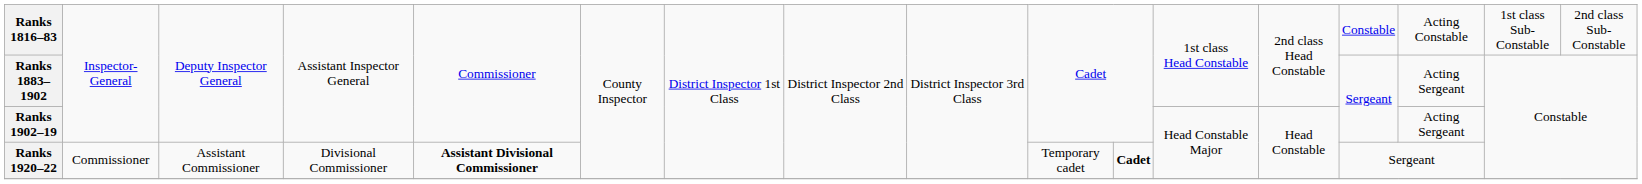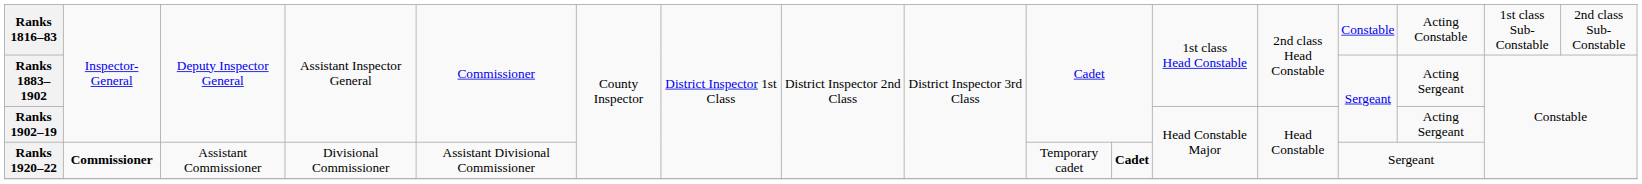 <table class="wikitable" style="text-align:center">
 <tr>
 <th rowspan=1><strong>Ranks</strong><br>1816–83</th>
 <td rowspan=3><a href='#'>Inspector-General</a></td>
 <td rowspan=3><a href='#'>Deputy Inspector General</a></td>
 <td rowspan=3>Assistant Inspector General</td>
 <td rowspan=3><a href='#'>Commissioner</a></td>
 <td rowspan=4>County Inspector</td>
 <td rowspan=4><a href='#'>District Inspector</a> 1st Class</td>
 <td rowspan=4>District Inspector 2nd Class</td>
 <td rowspan=4>District Inspector 3rd Class</td>
 <td rowspan=3 colspan=2><a href='#'>Cadet</a></td>
 <td rowspan=2>1st class<br><a href='#'>Head Constable</a></td>
 <td rowspan=2>2nd class<br>Head Constable</td>
 <td><a href='#'>Constable</a></td>
 <td>Acting Constable</td>
 <td>1st class<br>Sub-Constable</td>
 <td>2nd class<br>Sub-Constable</td>
 </tr>
 <tr>
 <th rowspan=1><strong>Ranks</strong><br>1883–1902<br></th>
 <td rowspan=2><a href='#'>Sergeant</a></td>
 <td>Acting Sergeant</td>
 <td rowspan=3 colspan=2>Constable</td>
 </tr>
 <tr>
 <th rowspan=1><strong>Ranks</strong><br>1902–19</th>
 <td rowspan=2>Head Constable Major</td>
 <td rowspan=2>Head Constable</td>
 <td>Acting Sergeant</td>
 </tr>
 <tr>
 <th rowspan=1><strong>Ranks</strong><br>1920–22</th>
-<td>Commissioner</td>
+<td><strong>Commissioner</strong></td>
 <td>Assistant Commissioner</td>
 <td>Divisional Commissioner</td>
-<td><strong>Assistant Divisional Commissioner</strong></td>
+<td>Assistant Divisional Commissioner</td>
 <td>Temporary cadet</td>
 <td><strong>Cadet</strong></td>
 <td colspan=2>Sergeant</td>
 </tr>
 <tr>
 </tr>
 </table>
